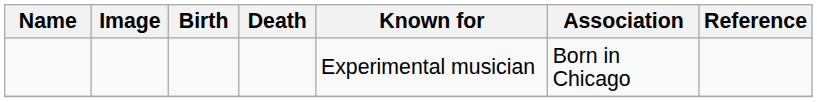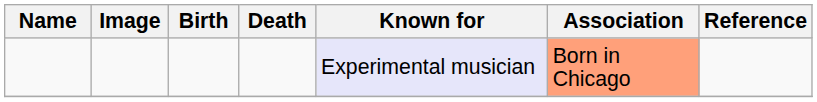 <table class="wikitable sortable">
 <tr>
 <th scope="col" width="140">Name</th>
 <th scope="col" width="80" class="unsortable">Image</th>
 <th scope="col" width="90">Birth</th>
 <th scope="col" width="90">Death</th>
 <th scope="col" width="600" class="unsortable">Known for</th>
 <th scope="col" width="200" class="unsortable">Association</th>
 <th scope="col" width="30" class="unsortable">Reference</th>
 </tr>
 <tr>
 <td></td>
 <td></td>
 <td align=right></td>
 <td></td>
-<td>Experimental musician</td>
-<td>Born in Chicago</td>
+<td style="background: lavender;">Experimental musician</td>
+<td style="background: lightsalmon;">Born in Chicago</td>
 <td align="center"></td>
 </tr>
 <tr>
 </tr>
 </table>
